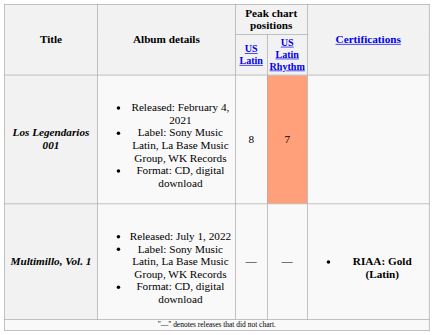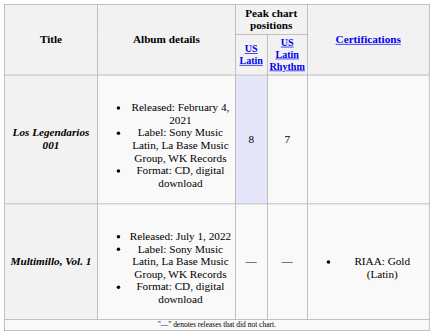 <table class="wikitable plainrowheaders" style="text-align:center;" border="1">
 <tr>
 <th scope="col" rowspan="2" style="width:10em;">Title</th>
 <th scope="col" rowspan="2" style="width:16em;">Album details</th>
 <th scope="col" colspan="2">Peak chart positions</th>
 <th scope="col" rowspan="2" style="width:14em;"><a href='#'>Certifications</a></th>
 </tr>
 <tr>
 <th scope="col" style="width:3em;font-size:90%;"><a href='#'>US<br>Latin</a><br></th>
 <th scope="col" style="width:3em;font-size:90%;"><a href='#'>US<br>Latin<br>Rhythm</a><br></th>
 </tr>
 <tr>
 <th scope="row"><em>Los Legendarios 001</em></th>
 <td><br><ul><li>Released: February 4, 2021</li><li>Label: Sony Music Latin, La Base Music Group, WK Records</li><li>Format: CD, digital download</li></ul></td>
-<td>8</td>
-<td style="background: lightsalmon;">7</td>
+<td style="background: lavender;">8</td>
+<td>7</td>
 <td></td>
 </tr>
 <tr>
 <th scope="row"><em>Multimillo, Vol. 1</em></th>
 <td><br><ul><li>Released: July 1, 2022</li><li>Label: Sony Music Latin, La Base Music Group, WK Records</li><li>Format: CD, digital download</li></ul></td>
 <td>—</td>
 <td>—</td>
-<td><strong><br><ul><li>RIAA: Gold (Latin)</li></ul></strong></td>
+<td><br><ul><li>RIAA: Gold (Latin)</li></ul></td>
 </tr>
 <tr>
 <td colspan="21" style="text-align:center; font-size:8pt;">"—" denotes releases that did not chart.</td>
 </tr>
 </table>
